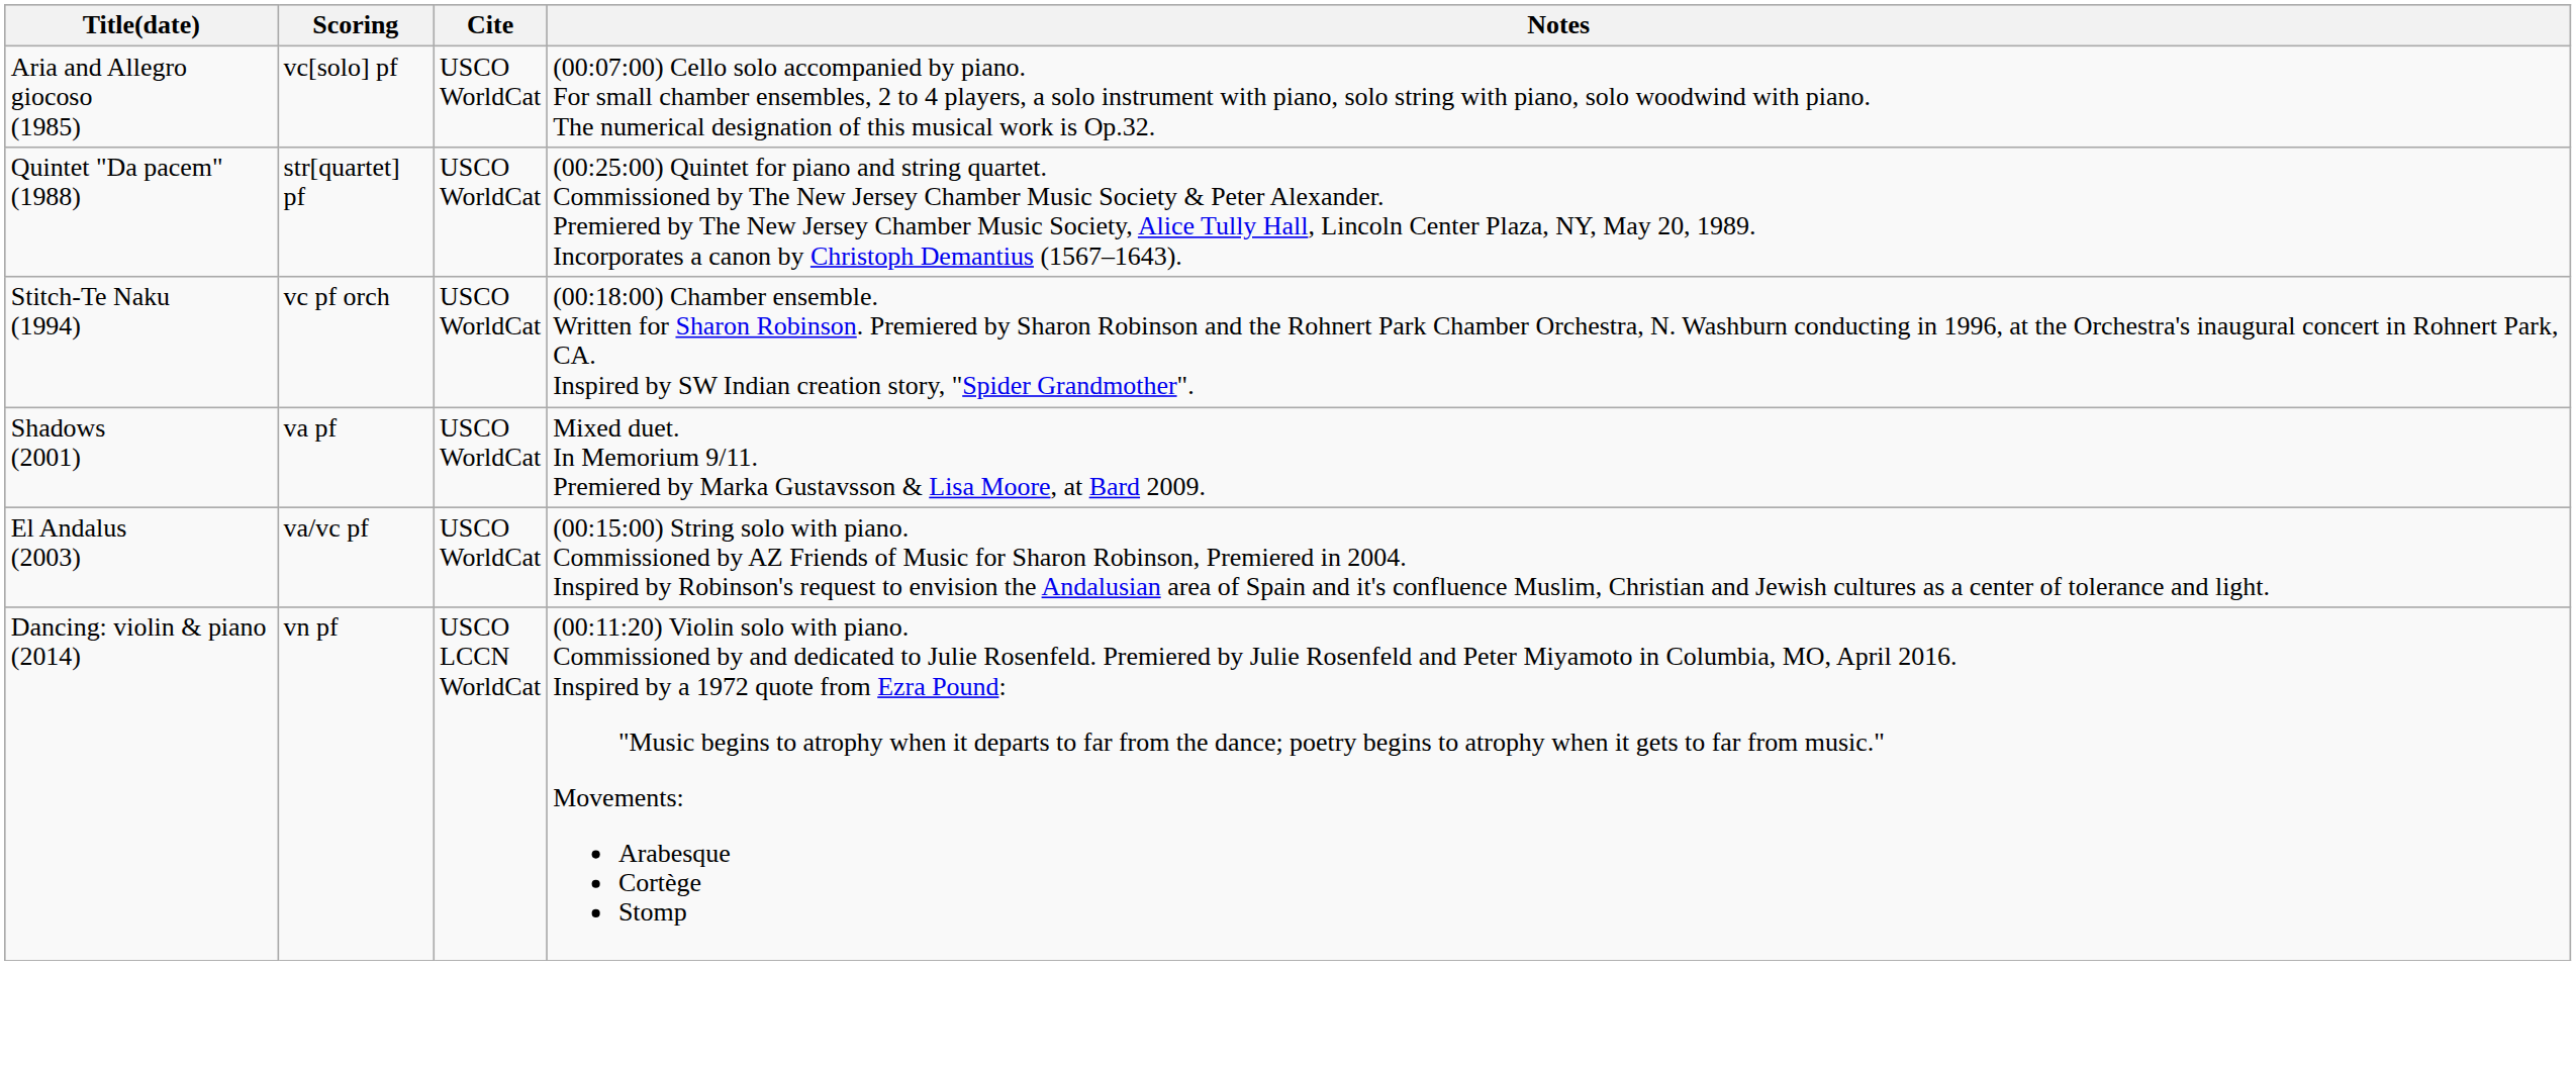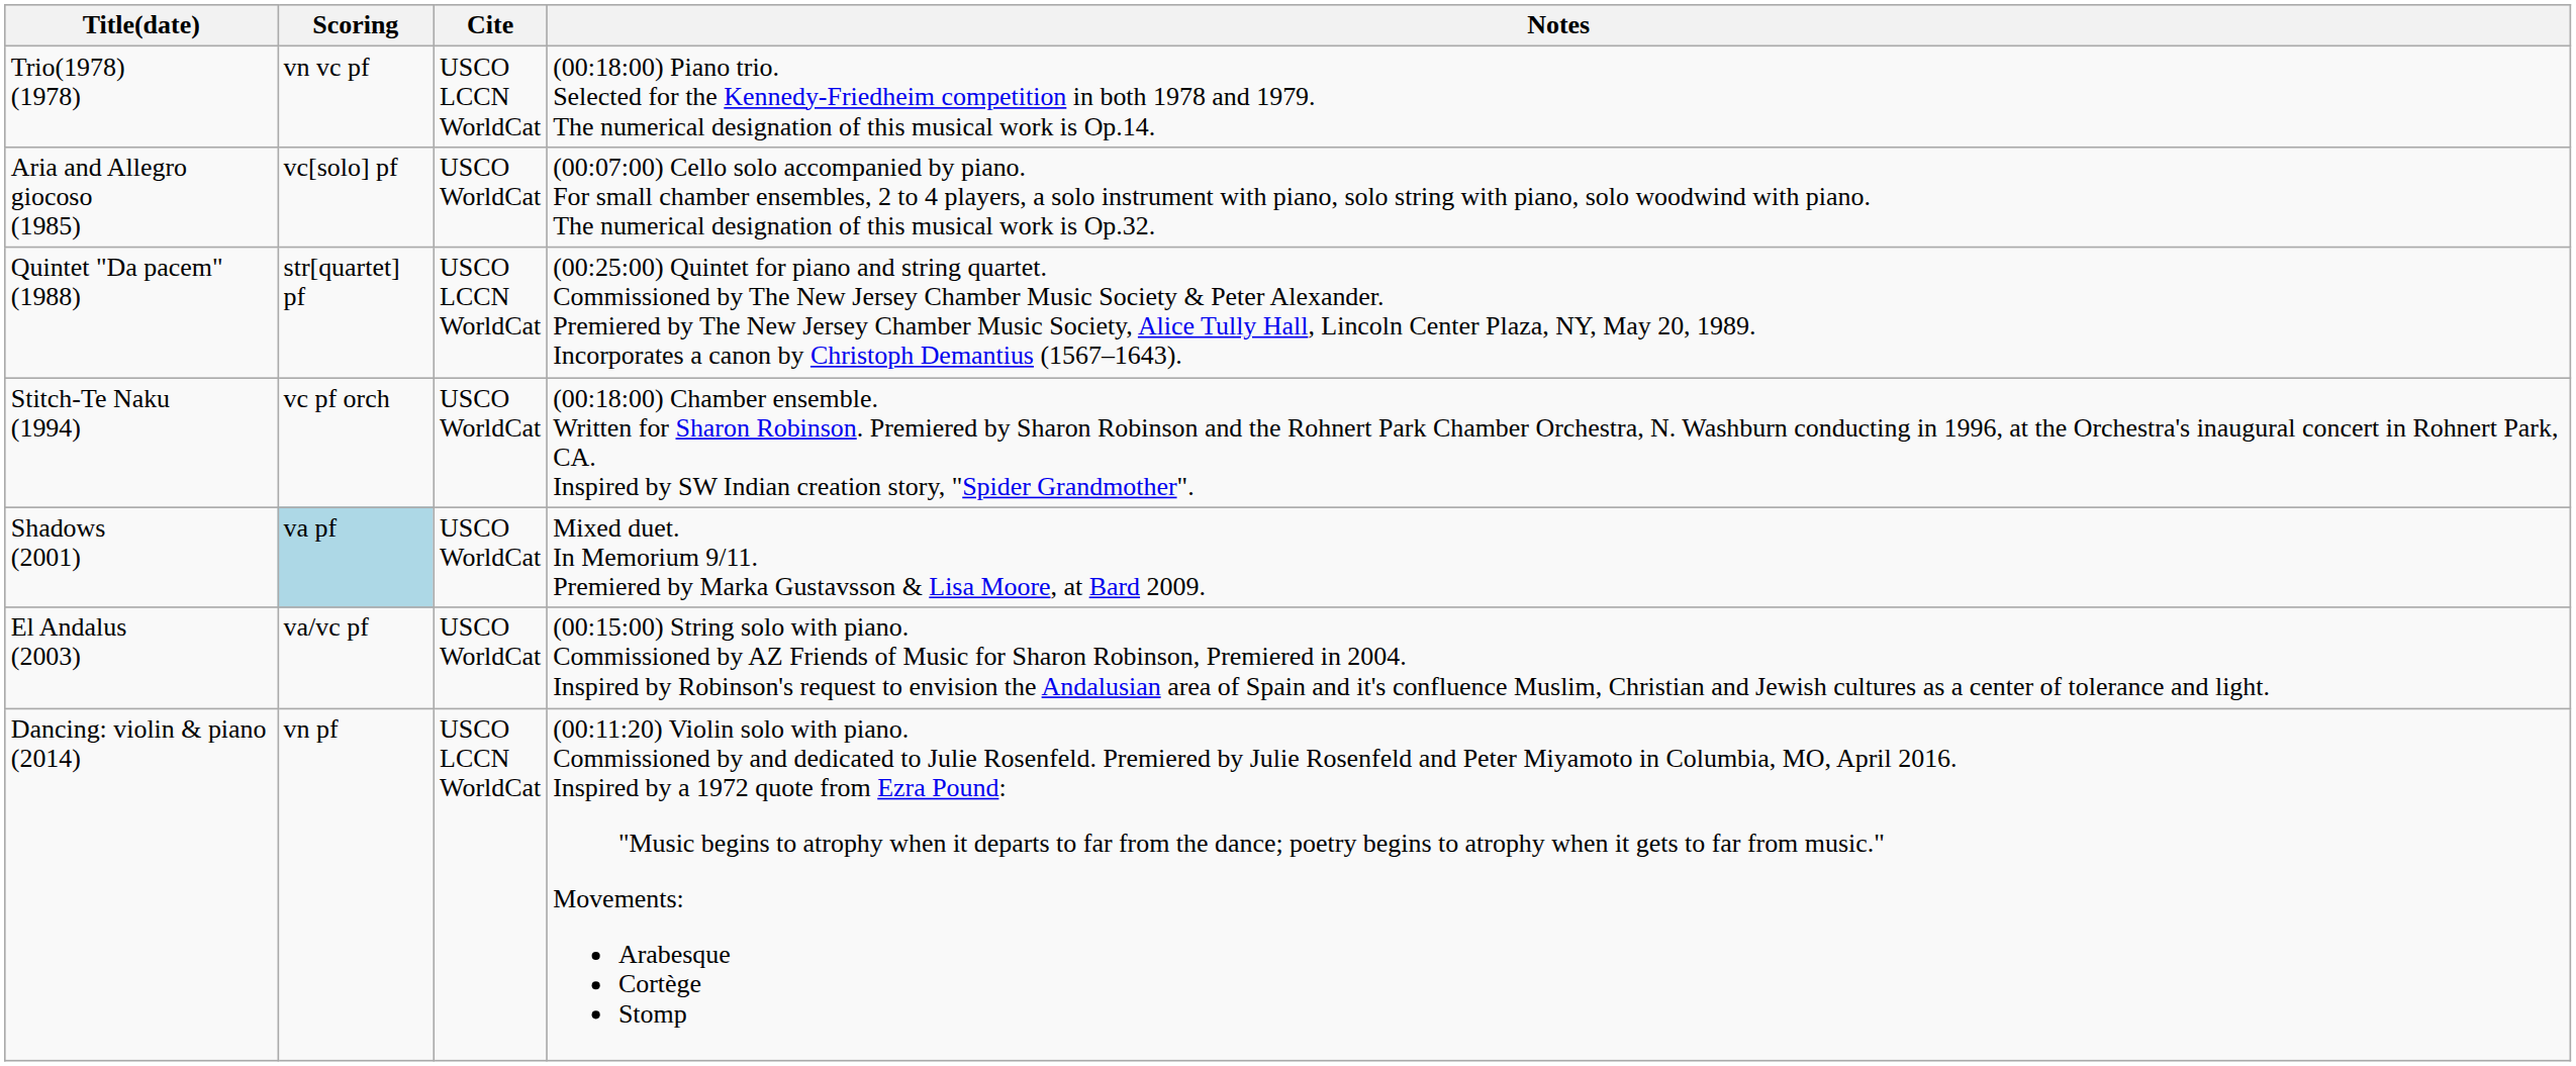 <table class="sortable wikitable" style="margins:auto; width=95%;">
 <tr>
 <th width="">Title(date)</th>
 <th width="">Scoring</th>
 <th width="">Cite</th>
 <th width="">Notes</th>
+</tr>
+<tr valign="top">
+<td>Trio(1978)<br>(1978)</td>
+<td>vn vc pf</td>
+<td>USCO<br>LCCN<br>WorldCat</td>
+<td>(00:18:00) Piano trio.<br>Selected for the <a href='#'>Kennedy-Friedheim competition</a> in both 1978 and 1979.<br>The numerical designation of this musical work is Op.14.</td>
 </tr>
 <tr valign="top">
 <td>Aria and Allegro giocoso<br>(1985)</td>
 <td>vc[solo] pf</td>
 <td>USCO<br>WorldCat</td>
 <td>(00:07:00) Cello solo accompanied by piano.<br>For small chamber ensembles, 2 to 4 players, a solo instrument with piano, solo string with piano, solo woodwind with piano.<br>The numerical designation of this musical work is Op.32.</td>
 </tr>
 <tr valign="top">
 <td>Quintet "Da pacem"<br>(1988)</td>
 <td>str[quartet] pf</td>
-<td>USCO<br>WorldCat</td>
+<td>USCO<br>LCCN<br>WorldCat</td>
 <td>(00:25:00) Quintet for piano and string quartet.<br>Commissioned by The New Jersey Chamber Music Society & Peter Alexander.<br>Premiered by The New Jersey Chamber Music Society,  <a href='#'>Alice Tully Hall</a>, Lincoln Center Plaza, NY, May 20, 1989.<br>Incorporates a canon by <a href='#'>Christoph Demantius</a> (1567–1643).</td>
 </tr>
 <tr valign="top">
 <td>Stitch-Te Naku<br>(1994)</td>
 <td>vc pf orch</td>
 <td>USCO<br>WorldCat</td>
 <td>(00:18:00) Chamber ensemble.<br>Written for <a href='#'>Sharon Robinson</a>. Premiered by Sharon Robinson and the Rohnert Park Chamber Orchestra, N. Washburn conducting in 1996, at the Orchestra's inaugural concert in Rohnert Park, CA.<br>Inspired by SW Indian creation story, "<a href='#'>Spider Grandmother</a>".</td>
 </tr>
 <tr valign="top">
 <td>Shadows<br>(2001)</td>
-<td>va pf</td>
+<td style="background: lightblue;">va pf</td>
 <td>USCO<br>WorldCat</td>
 <td>Mixed duet.<br>In Memorium 9/11.<br>Premiered by Marka Gustavsson & <a href='#'>Lisa Moore</a>, at <a href='#'>Bard</a> 2009.</td>
 </tr>
 <tr valign="top">
 <td>El Andalus<br>(2003)</td>
 <td>va/vc pf</td>
 <td>USCO<br>WorldCat</td>
 <td>(00:15:00) String solo with piano.<br>Commissioned by AZ Friends of Music for Sharon Robinson, Premiered in 2004.<br>Inspired by Robinson's request to envision the <a href='#'>Andalusian</a> area of Spain and it's confluence Muslim, Christian and Jewish cultures as a center of tolerance and light.</td>
 </tr>
 <tr valign="top">
 <td>Dancing: violin & piano<br>(2014)</td>
 <td>vn pf</td>
 <td>USCO<br>LCCN<br>WorldCat</td>
 <td>(00:11:20) Violin solo with piano.<br>Commissioned by and dedicated to Julie Rosenfeld. Premiered by Julie Rosenfeld and Peter Miyamoto in Columbia, MO, April 2016.<br>Inspired by a 1972 quote from <a href='#'>Ezra Pound</a>:<blockquote>"Music begins to atrophy when it departs to far from the dance; poetry begins to atrophy when it gets to far from music."</blockquote>Movements:<ul><li>Arabesque</li><li>Cortège</li><li>Stomp</li></ul></td>
 </tr>
 </table>
